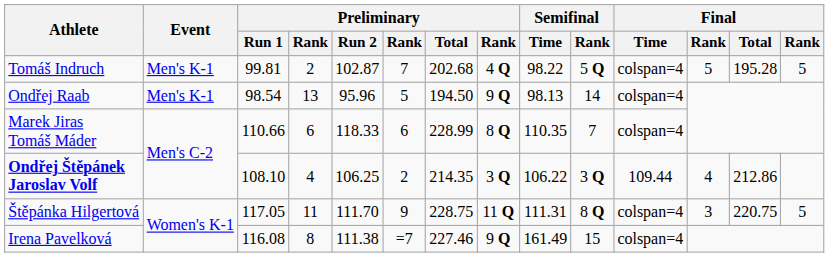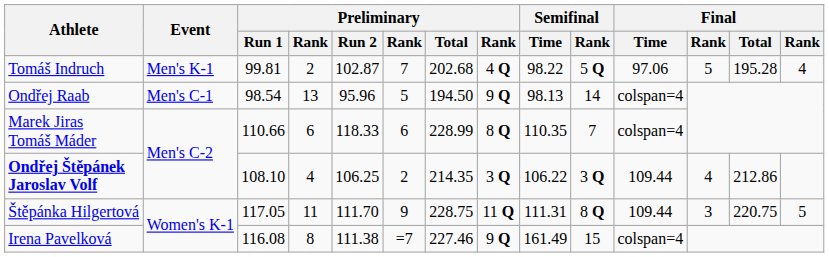 <table class="wikitable" style="font-size:90%">
 <tr>
 <th rowspan="2">Athlete</th>
 <th rowspan="2">Event</th>
 <th colspan="6">Preliminary</th>
 <th colspan="2">Semifinal</th>
 <th colspan="4">Final</th>
 </tr>
 <tr style="font-size:95%">
 <th>Run 1</th>
 <th>Rank</th>
 <th>Run 2</th>
 <th>Rank</th>
 <th>Total</th>
 <th>Rank</th>
 <th>Time</th>
 <th>Rank</th>
 <th>Time</th>
 <th>Rank</th>
 <th>Total</th>
 <th>Rank</th>
 </tr>
 <tr align=center>
 <td align=left><a href='#'>Tomáš Indruch</a></td>
 <td align=left><a href='#'>Men's K-1</a></td>
 <td>99.81</td>
 <td>2</td>
 <td>102.87</td>
 <td>7</td>
 <td>202.68</td>
 <td>4 <strong>Q</strong></td>
 <td>98.22</td>
 <td>5 <strong>Q</strong></td>
-<td>colspan=4 </td>
+<td>97.06</td>
 <td>5</td>
 <td>195.28</td>
-<td>5</td>
+<td>4</td>
 </tr>
 <tr align=center>
 <td align=left><a href='#'>Ondřej Raab</a></td>
-<td align=left><a href='#'>Men's K-1</a></td>
+<td align=left><a href='#'>Men's C-1</a></td>
 <td>98.54</td>
 <td>13</td>
 <td>95.96</td>
 <td>5</td>
 <td>194.50</td>
 <td>9 <strong>Q</strong></td>
 <td>98.13</td>
 <td>14</td>
 <td>colspan=4 </td>
 </tr>
 <tr align=center>
 <td align=left><a href='#'>Marek Jiras</a><br><a href='#'>Tomáš Máder</a></td>
 <td align=left rowspan=2><a href='#'>Men's C-2</a></td>
 <td>110.66</td>
 <td>6</td>
 <td>118.33</td>
 <td>6</td>
 <td>228.99</td>
 <td>8 <strong>Q</strong></td>
 <td>110.35</td>
 <td>7</td>
 <td>colspan=4 </td>
 </tr>
 <tr align=center>
 <td align=left><strong><a href='#'>Ondřej Štěpánek</a><br><a href='#'>Jaroslav Volf</a></strong></td>
 <td>108.10</td>
 <td>4</td>
 <td>106.25</td>
 <td>2</td>
 <td>214.35</td>
 <td>3 <strong>Q</strong></td>
 <td>106.22</td>
 <td>3 <strong>Q</strong></td>
 <td>109.44</td>
 <td>4</td>
 <td>212.86</td>
 <td></td>
 </tr>
 <tr align=center>
 <td align=left><a href='#'>Štěpánka Hilgertová</a></td>
 <td align=left rowspan=2><a href='#'>Women's K-1</a></td>
 <td>117.05</td>
 <td>11</td>
 <td>111.70</td>
 <td>9</td>
 <td>228.75</td>
 <td>11 <strong>Q</strong></td>
 <td>111.31</td>
 <td>8 <strong>Q</strong></td>
-<td>colspan=4 </td>
+<td>109.44</td>
 <td>3</td>
 <td>220.75</td>
 <td>5</td>
 </tr>
 <tr align=center>
 <td align=left><a href='#'>Irena Pavelková</a></td>
 <td>116.08</td>
 <td>8</td>
 <td>111.38</td>
 <td>=7</td>
 <td>227.46</td>
 <td>9 <strong>Q</strong></td>
 <td>161.49</td>
 <td>15</td>
 <td>colspan=4 </td>
 </tr>
 </table>
